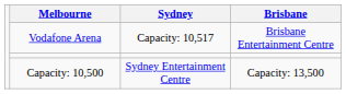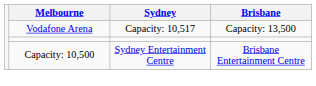 <table class=wikitable align="center" style="text-align:center;">
 <tr>
 <td rowspan=4></td>
 <th width=150px><a href='#'>Melbourne</a></th>
 <th width=150px><a href='#'>Sydney</a></th>
 <th width=150px><a href='#'>Brisbane</a></th>
 </tr>
 <tr>
 <td><a href='#'>Vodafone Arena</a></td>
 <td>Capacity: 10,517</td>
-<td><a href='#'>Brisbane Entertainment Centre</a></td>
+<td>Capacity: 13,500</td>
 </tr>
 <tr>
 <td></td>
 <td></td>
 <td></td>
 </tr>
 <tr>
 <td>Capacity: 10,500</td>
 <td><a href='#'>Sydney Entertainment Centre</a></td>
-<td>Capacity: 13,500</td>
+<td><a href='#'>Brisbane Entertainment Centre</a></td>
 </tr>
 </table>
